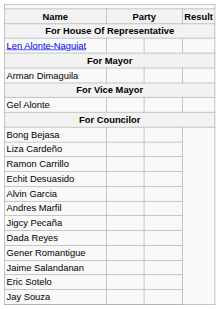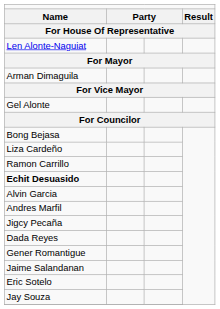 <table class="wikitable" style="font-size:90%">
 <tr>
 <td colspan="5"></td>
 </tr>
 <tr>
 <th width="150px">Name</th>
 <th colspan="2" width="110px">Party</th>
 <th>Result</th>
 </tr>
 <tr>
 <th colspan="5">For House Of Representative</th>
 </tr>
 <tr>
 <td><a href='#'>Len Alonte-Naguiat</a></td>
 <td></td>
 <td></td>
 </tr>
 <tr>
 <th colspan="5">For Mayor</th>
 </tr>
 <tr>
 <td>Arman Dimaguila</td>
 <td></td>
 <td></td>
 </tr>
 <tr>
 <th colspan="5">For Vice Mayor</th>
 </tr>
 <tr>
 <td>Gel Alonte</td>
 <td></td>
 <td></td>
 </tr>
 <tr>
 <th colspan="5">For Councilor</th>
 </tr>
 <tr>
 <td>Bong Bejasa</td>
 <td></td>
 <td></td>
 </tr>
 <tr>
 <td>Liza Cardeño</td>
 <td></td>
 <td></td>
 </tr>
 <tr>
 <td>Ramon Carrillo</td>
 <td></td>
 <td></td>
 </tr>
 <tr>
-<td>Echit Desuasido</td>
+<td><strong>Echit Desuasido</strong></td>
 <td></td>
 <td></td>
 </tr>
 <tr>
 <td>Alvin Garcia</td>
 <td></td>
 <td></td>
 </tr>
 <tr>
 <td>Andres Marfil</td>
 <td></td>
 <td></td>
 </tr>
 <tr>
 <td>Jigcy Pecaña</td>
 <td></td>
 <td></td>
 </tr>
 <tr>
 <td>Dada Reyes</td>
 <td></td>
 <td></td>
 </tr>
 <tr>
 <td>Gener Romantigue</td>
 <td></td>
 <td></td>
 </tr>
 <tr>
 <td>Jaime Salandanan</td>
 <td></td>
 <td></td>
 </tr>
 <tr>
 <td>Eric Sotelo</td>
 <td></td>
 <td></td>
 </tr>
 <tr>
 <td>Jay Souza</td>
 <td></td>
 <td></td>
 </tr>
 <tr>
 </tr>
 </table>
